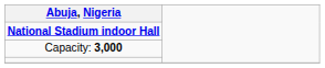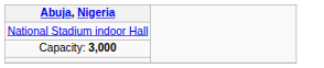 <table class=wikitable style=text-align:center>
 <tr>
 <th colspan="1"><a href='#'>Abuja</a>, <a href='#'>Nigeria</a></th>
 <td rowspan=4></td>
 </tr>
 <tr>
-<td width=50%><strong><a href='#'>National Stadium indoor Hall</a></strong></td>
+<td width=50%><a href='#'>National Stadium indoor Hall</a></td>
 </tr>
 <tr>
 <td>Capacity: <strong>3,000</strong></td>
 </tr>
 <tr>
 <td></td>
 </tr>
 <tr>
 </tr>
 </table>
